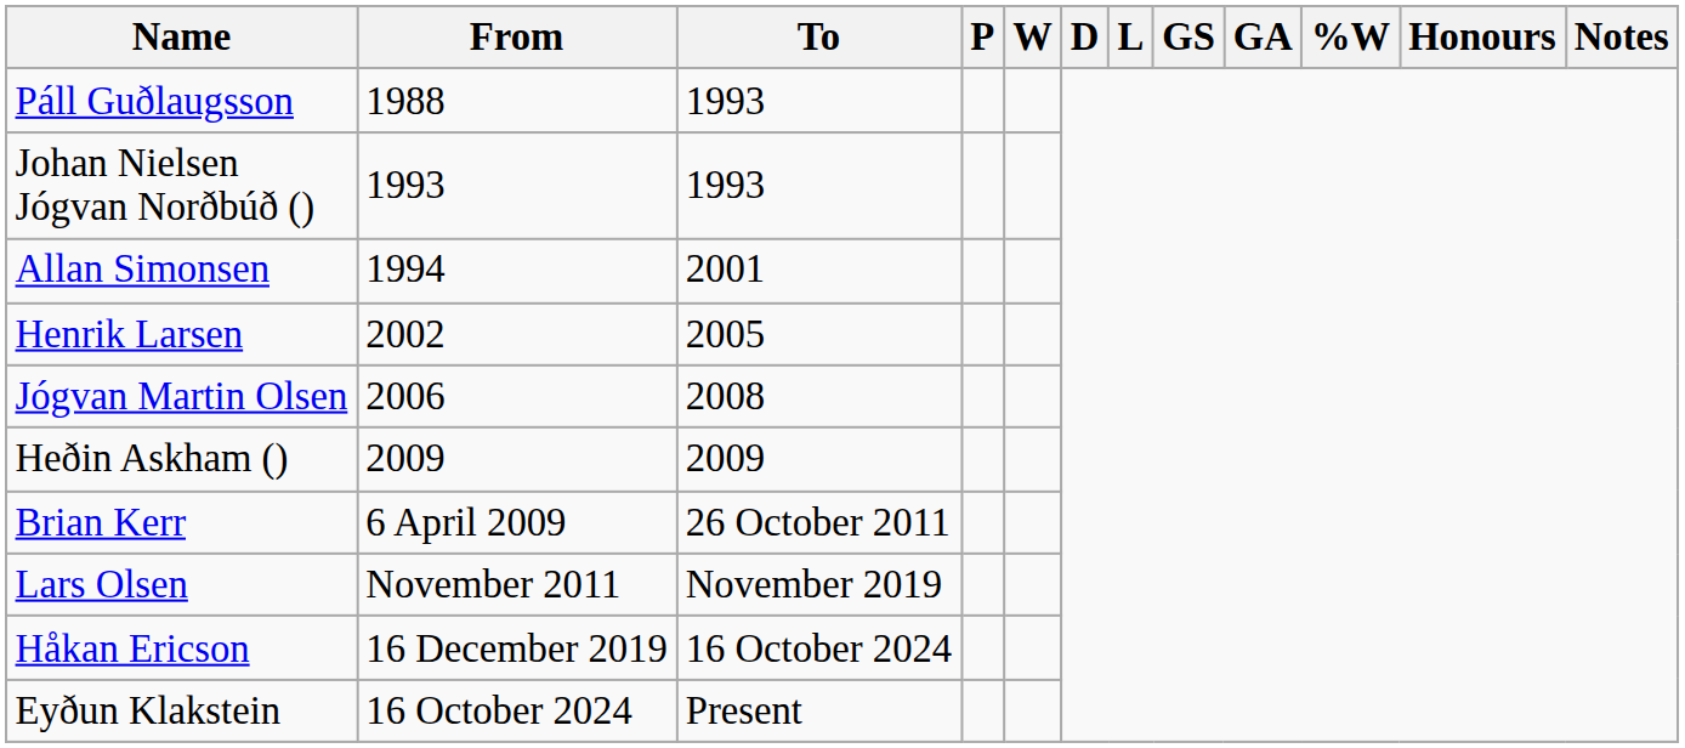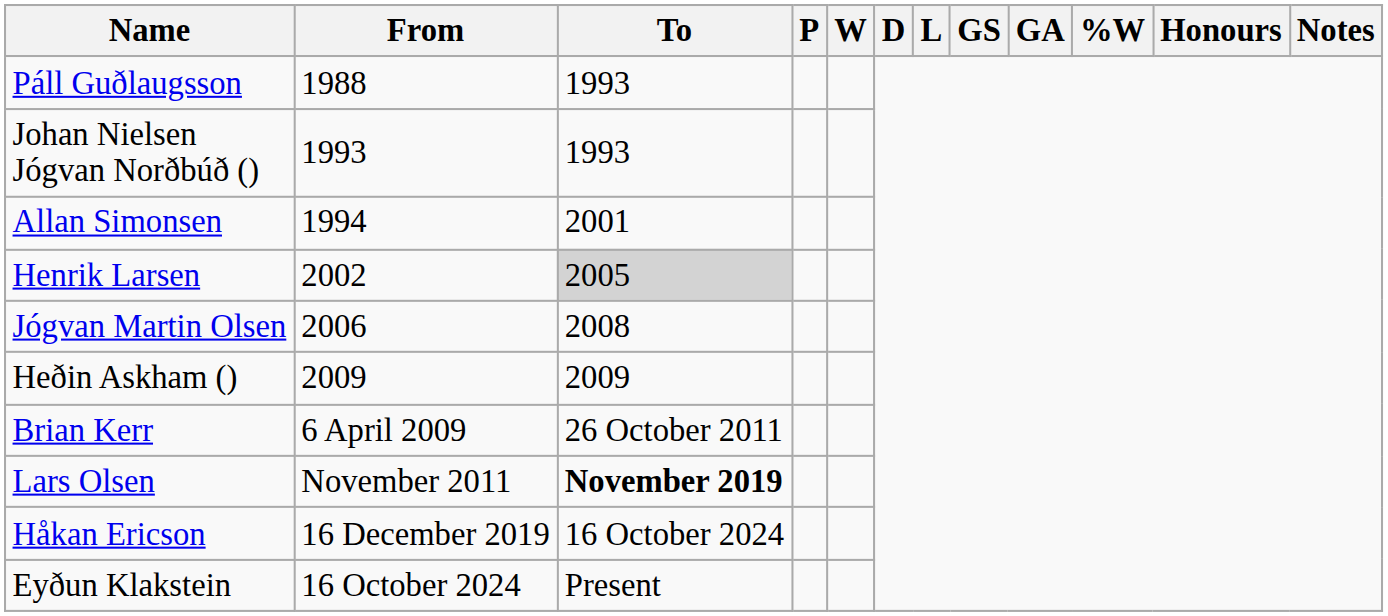 <table class="wikitable sortable" style="text-align: center">
 <tr>
 <th>Name</th>
 <th class="unsortable">From</th>
 <th class="unsortable">To</th>
 <th abbr="TOTAL OF MATCHES PLAYED">P</th>
 <th abbr="MATCHES WON">W</th>
 <th abbr="MATCHES DRAWN">D</th>
 <th abbr="MATCHES LOST">L</th>
 <th abbr="GOALS SCORED">GS</th>
 <th abbr="GOAL AGAINST">GA</th>
 <th abbr="PERCENTAGE OF MATCHES WON">%W</th>
 <th abbr="HONOURS">Honours</th>
 <th abbr="NOTES">Notes</th>
 </tr>
 <tr>
 <td align=left> <a href='#'>Páll Guðlaugsson</a></td>
 <td align=left>1988</td>
 <td align=left>1993<br></td>
 <td style="text-align:left;font-size:smaller"></td>
 <td></td>
 </tr>
 <tr>
 <td align=left> Johan Nielsen <br>  Jógvan Norðbúð ()</td>
 <td align=left>1993</td>
 <td align=left>1993<br></td>
 <td style="text-align:left;font-size:smaller"></td>
 <td></td>
 </tr>
 <tr>
 <td align=left> <a href='#'>Allan Simonsen</a></td>
 <td align=left>1994</td>
 <td align=left>2001<br></td>
 <td style="text-align:left;font-size:smaller"></td>
 <td></td>
 </tr>
 <tr>
 <td align=left> <a href='#'>Henrik Larsen</a></td>
 <td align=left>2002</td>
-<td align=left>2005<br></td>
+<td align=left style="background: lightgrey;">2005<br></td>
 <td style="text-align:left;font-size:smaller"></td>
 <td></td>
 </tr>
 <tr>
 <td align=left> <a href='#'>Jógvan Martin Olsen</a></td>
 <td align=left>2006</td>
 <td align=left>2008<br></td>
 <td style="text-align:left;font-size:smaller"></td>
 <td></td>
 </tr>
 <tr>
 <td align=left> Heðin Askham ()</td>
 <td align=left>2009</td>
 <td align=left>2009<br></td>
 <td style="text-align:left;font-size:smaller"></td>
 <td></td>
 </tr>
 <tr>
 <td align=left> <a href='#'>Brian Kerr</a></td>
 <td align=left>6 April 2009</td>
 <td align=left>26 October 2011<br></td>
 <td style="text-align:left;font-size:smaller"></td>
 <td></td>
 </tr>
 <tr>
 <td align=left> <a href='#'>Lars Olsen</a></td>
 <td align=left>November 2011</td>
-<td align=left>November 2019<br></td>
+<td align=left><strong>November 2019<br></strong></td>
 <td style="text-align:left;font-size:smaller"></td>
 <td></td>
 </tr>
 <tr>
 <td align=left> <a href='#'>Håkan Ericson</a></td>
 <td align=left>16 December 2019</td>
 <td align=left>16 October 2024<br></td>
 <td style="text-align:left;font-size:smaller"></td>
 <td></td>
 </tr>
 <tr>
 <td align=left> Eyðun Klakstein</td>
 <td align=left>16 October 2024</td>
 <td align=left>Present<br></td>
 <td style="text-align:left;font-size:smaller"></td>
 <td></td>
 </tr>
 </table>
